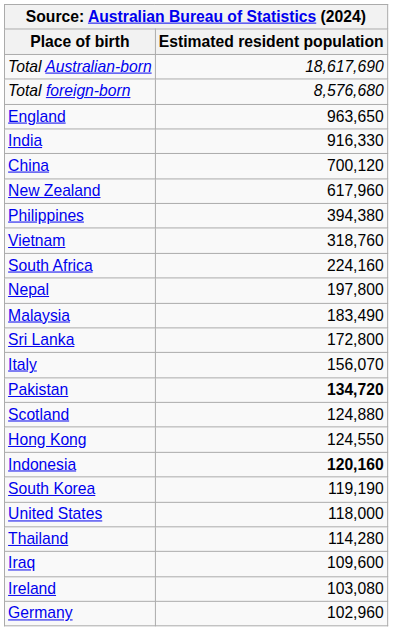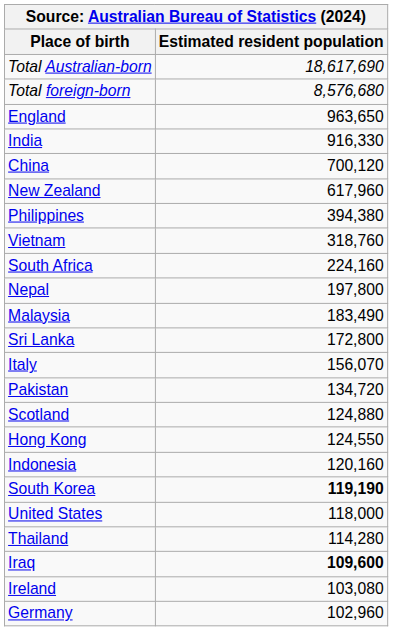 <table class="wikitable plainrowheaders" style="text-align:right">
 <tr>
 <th scope="col" colspan="2">Source: <a href='#'>Australian Bureau of Statistics</a> (2024)</th>
 </tr>
 <tr>
 <th scope="col">Place of birth</th>
 <th scope="col">Estimated resident population</th>
 </tr>
 <tr>
 <td scope="row" style="text-align:left;"><em>Total <a href='#'>Australian-born</a></em></td>
 <td><em>18,617,690</em></td>
 </tr>
 <tr>
 <td scope="row" style="text-align:left;"><em>Total <a href='#'>foreign-born</a></em></td>
 <td><em>8,576,680</em></td>
 </tr>
 <tr>
 <td scope="row" style="text-align:left;"> <a href='#'>England</a></td>
 <td>963,650</td>
 </tr>
 <tr>
 <td scope="row" style="text-align:left;"> <a href='#'>India</a></td>
 <td>916,330</td>
 </tr>
 <tr>
 <td scope="row" style="text-align:left;"> <a href='#'>China</a></td>
 <td>700,120</td>
 </tr>
 <tr>
 <td scope="row" style="text-align:left;"> <a href='#'>New Zealand</a></td>
 <td>617,960</td>
 </tr>
 <tr>
 <td scope="row" style="text-align:left;"> <a href='#'>Philippines</a></td>
 <td>394,380</td>
 </tr>
 <tr>
 <td scope="row" style="text-align:left;"> <a href='#'>Vietnam</a></td>
 <td>318,760</td>
 </tr>
 <tr>
 <td scope="row" style="text-align:left;"> <a href='#'>South Africa</a></td>
 <td>224,160</td>
 </tr>
 <tr>
 <td scope="row" style="text-align:left;"> <a href='#'>Nepal</a></td>
 <td>197,800</td>
 </tr>
 <tr>
 <td scope="row" style="text-align:left;"> <a href='#'>Malaysia</a></td>
 <td>183,490</td>
 </tr>
 <tr>
 <td scope="row" style="text-align:left;"> <a href='#'>Sri Lanka</a></td>
 <td>172,800</td>
 </tr>
 <tr>
 <td scope="row" style="text-align:left;"> <a href='#'>Italy</a></td>
 <td>156,070</td>
 </tr>
 <tr>
 <td scope="row" style="text-align:left;"> <a href='#'>Pakistan</a></td>
-<td><strong>134,720</strong></td>
+<td>134,720</td>
 </tr>
 <tr>
 <td scope="row" style="text-align:left;"> <a href='#'>Scotland</a></td>
 <td>124,880</td>
 </tr>
 <tr>
 <td scope="row" style="text-align:left;"> <a href='#'>Hong Kong</a></td>
 <td>124,550</td>
 </tr>
 <tr>
 <td scope="row" style="text-align:left;"> <a href='#'>Indonesia</a></td>
-<td><strong>120,160</strong></td>
+<td>120,160</td>
 </tr>
 <tr>
 <td scope="row" style="text-align:left;"> <a href='#'>South Korea</a></td>
-<td>119,190</td>
+<td><strong>119,190</strong></td>
 </tr>
 <tr>
 <td scope="row" style="text-align:left;"> <a href='#'>United States</a></td>
 <td>118,000</td>
 </tr>
 <tr>
 <td scope="row" style="text-align:left;"> <a href='#'>Thailand</a></td>
 <td>114,280</td>
 </tr>
 <tr>
 <td scope="row" style="text-align:left;"> <a href='#'>Iraq</a></td>
-<td>109,600</td>
+<td><strong>109,600</strong></td>
 </tr>
 <tr>
 <td scope="row" style="text-align:left;"> <a href='#'>Ireland</a></td>
 <td>103,080</td>
 </tr>
 <tr>
 <td scope="row" style="text-align:left;"> <a href='#'>Germany</a></td>
 <td>102,960</td>
 </tr>
 </table>
